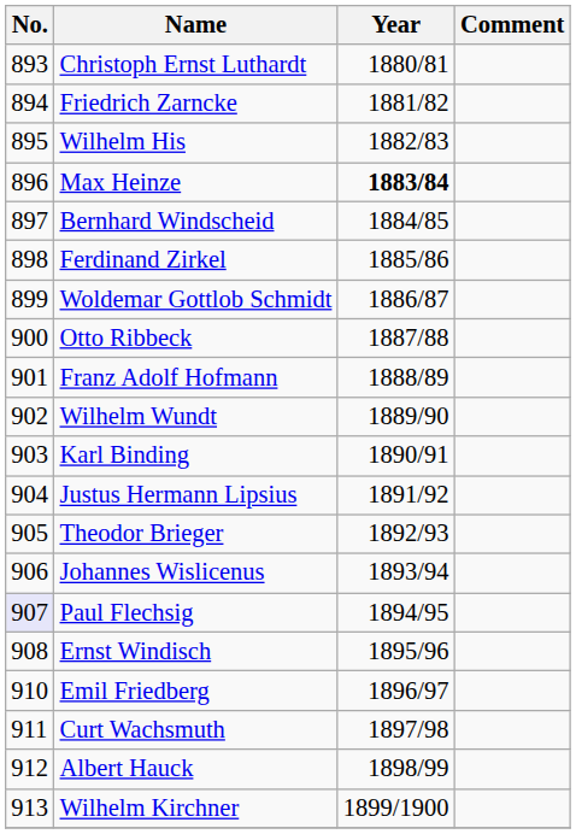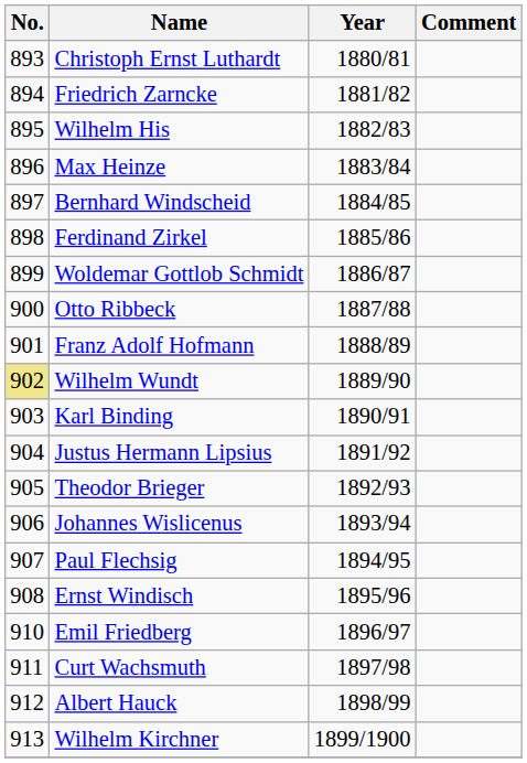 <table class="wikitable">
 <tr>
 <th bgcolor="silver">No.</th>
 <th bgcolor="silver">Name</th>
 <th bgcolor="silver">Year</th>
 <th bgcolor="silver">Comment</th>
 </tr>
 <tr>
 <td>893</td>
 <td><a href='#'>Christoph Ernst Luthardt</a></td>
 <td align="right">1880/81</td>
 <td></td>
 </tr>
 <tr>
 <td>894</td>
 <td><a href='#'>Friedrich Zarncke</a></td>
 <td align="right">1881/82</td>
 <td></td>
 </tr>
 <tr>
 <td>895</td>
 <td><a href='#'>Wilhelm His</a></td>
 <td align="right">1882/83</td>
 <td></td>
 </tr>
 <tr>
 <td>896</td>
 <td><a href='#'>Max Heinze</a></td>
-<td align="right"><strong>1883/84</strong></td>
+<td align="right">1883/84</td>
 <td></td>
 </tr>
 <tr>
 <td>897</td>
 <td><a href='#'>Bernhard Windscheid</a></td>
 <td align="right">1884/85</td>
 <td></td>
 </tr>
 <tr>
 <td>898</td>
 <td><a href='#'>Ferdinand Zirkel</a></td>
 <td align="right">1885/86</td>
 <td></td>
 </tr>
 <tr>
 <td>899</td>
 <td><a href='#'>Woldemar Gottlob Schmidt</a></td>
 <td align="right">1886/87</td>
 <td></td>
 </tr>
 <tr>
 <td>900</td>
 <td><a href='#'>Otto Ribbeck</a></td>
 <td align="right">1887/88</td>
 <td></td>
 </tr>
 <tr>
 <td>901</td>
 <td><a href='#'>Franz Adolf Hofmann</a></td>
 <td align="right">1888/89</td>
 <td></td>
 </tr>
 <tr>
-<td>902</td>
+<td style="background: khaki;">902</td>
 <td><a href='#'>Wilhelm Wundt</a></td>
 <td align="right">1889/90</td>
 <td></td>
 </tr>
 <tr>
 <td>903</td>
 <td><a href='#'>Karl Binding</a></td>
 <td align="right">1890/91</td>
 <td></td>
 </tr>
 <tr>
 <td>904</td>
 <td><a href='#'>Justus Hermann Lipsius</a></td>
 <td align="right">1891/92</td>
 <td></td>
 </tr>
 <tr>
 <td>905</td>
 <td><a href='#'>Theodor Brieger</a></td>
 <td align="right">1892/93</td>
 <td></td>
 </tr>
 <tr>
 <td>906</td>
 <td><a href='#'>Johannes Wislicenus</a></td>
 <td align="right">1893/94</td>
 <td></td>
 </tr>
 <tr>
-<td style="background: lavender;">907</td>
+<td>907</td>
 <td><a href='#'>Paul Flechsig</a></td>
 <td align="right">1894/95</td>
 <td></td>
 </tr>
 <tr>
 <td>908</td>
 <td><a href='#'>Ernst Windisch</a></td>
 <td align="right">1895/96</td>
 <td></td>
 </tr>
 <tr>
 <td>910</td>
 <td><a href='#'>Emil Friedberg</a></td>
 <td align="right">1896/97</td>
 <td></td>
 </tr>
 <tr>
 <td>911</td>
 <td><a href='#'>Curt Wachsmuth</a></td>
 <td align="right">1897/98</td>
 <td></td>
 </tr>
 <tr>
 <td>912</td>
 <td><a href='#'>Albert Hauck</a></td>
 <td align="right">1898/99</td>
 <td></td>
 </tr>
 <tr>
 <td>913</td>
 <td><a href='#'>Wilhelm Kirchner</a></td>
 <td align="right">1899/1900</td>
 <td></td>
 </tr>
 <tr>
 </tr>
 </table>
